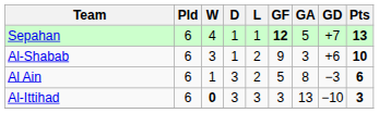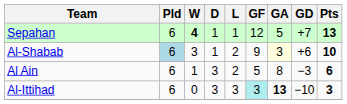 <table class="wikitable" style="text-align: center;">
 <tr>
 <th width="200">Team</th>
 <th width="20">Pld</th>
 <th width="20">W</th>
 <th width="20">D</th>
 <th width="20">L</th>
 <th width="20">GF</th>
 <th width="20">GA</th>
 <th width="20">GD</th>
 <th width="20">Pts</th>
 </tr>
 <tr style="background: #ccffcc;">
 <td style="text-align:left;"> <a href='#'>Sepahan</a></td>
 <td>6</td>
-<td>4</td>
+<td><strong>4</strong></td>
 <td>1</td>
 <td>1</td>
-<td><strong>12</strong></td>
+<td>12</td>
 <td>5</td>
 <td>+7</td>
 <td><strong>13</strong></td>
 </tr>
 <tr>
 <td style="text-align:left;"> <a href='#'>Al-Shabab</a></td>
-<td>6</td>
+<td style="background: lightblue;">6</td>
 <td>3</td>
 <td>1</td>
 <td>2</td>
 <td>9</td>
-<td>3</td>
+<td style="background: lightyellow;">3</td>
 <td>+6</td>
 <td><strong>10</strong></td>
 </tr>
 <tr>
 <td style="text-align:left;"> <a href='#'>Al Ain</a></td>
 <td>6</td>
 <td>1</td>
 <td>3</td>
 <td>2</td>
 <td>5</td>
 <td>8</td>
 <td>−3</td>
 <td><strong>6</strong></td>
 </tr>
 <tr>
 <td style="text-align:left;"> <a href='#'>Al-Ittihad</a></td>
 <td>6</td>
-<td><strong>0</strong></td>
+<td>0</td>
 <td>3</td>
 <td>3</td>
-<td>3</td>
-<td>13</td>
+<td style="background: paleturquoise;">3</td>
+<td><strong>13</strong></td>
 <td>−10</td>
 <td><strong>3</strong></td>
 </tr>
 <tr>
 </tr>
 </table>
